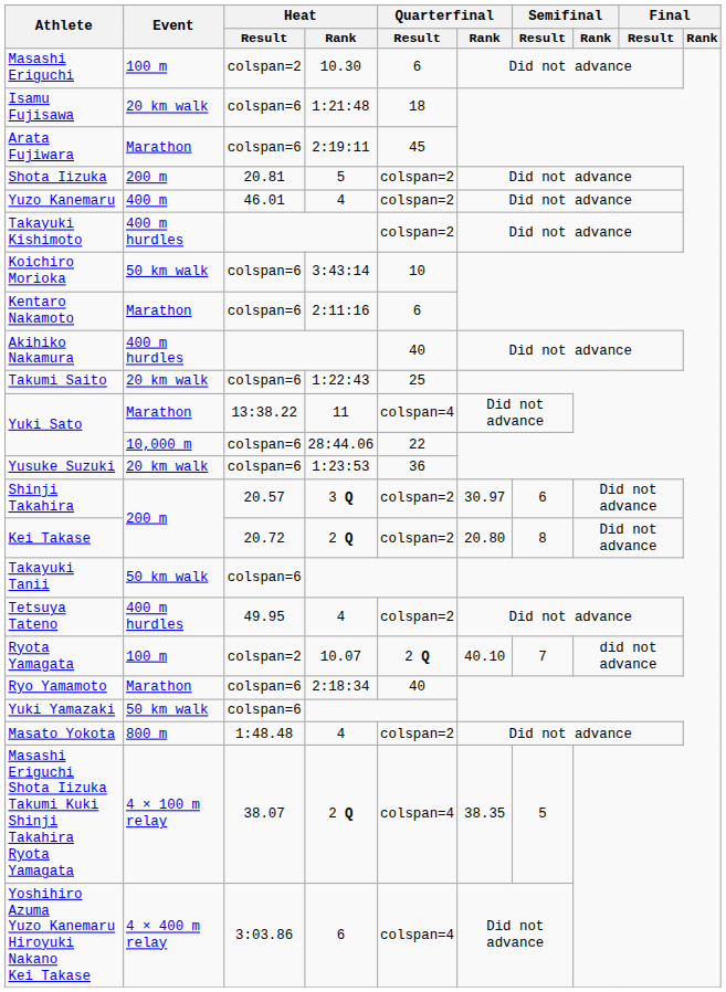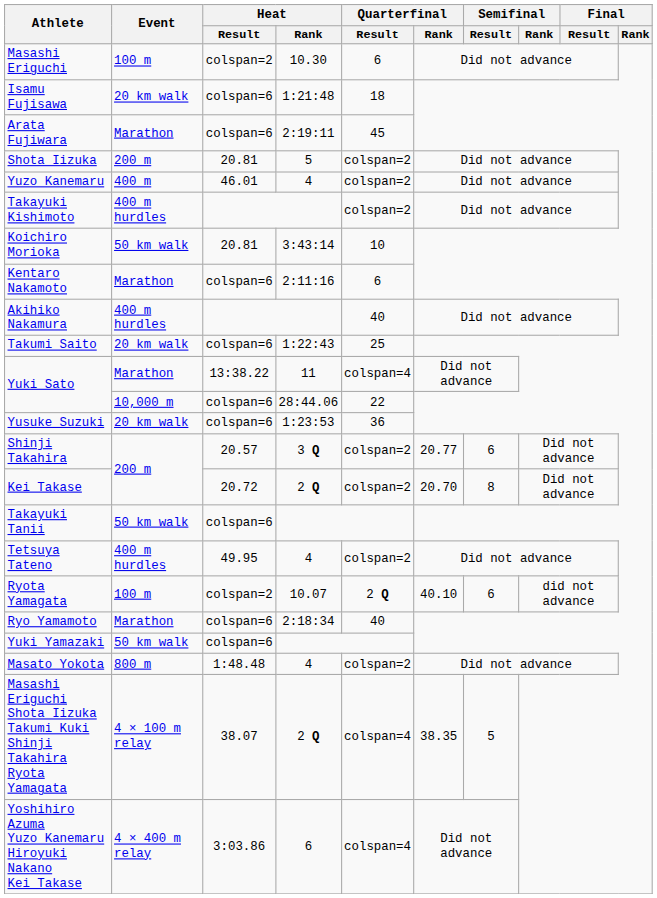 <table class=wikitable style="font-size:90%">
 <tr>
 <th rowspan="2">Athlete</th>
 <th rowspan="2">Event</th>
 <th colspan="2">Heat</th>
 <th colspan="2">Quarterfinal</th>
 <th colspan="2">Semifinal</th>
 <th colspan="2">Final</th>
 </tr>
 <tr style="font-size:95%">
 <th>Result</th>
 <th>Rank</th>
 <th>Result</th>
 <th>Rank</th>
 <th>Result</th>
 <th>Rank</th>
 <th>Result</th>
 <th>Rank</th>
 </tr>
 <tr align=center>
 <td align=left><a href='#'>Masashi Eriguchi</a></td>
 <td align=left><a href='#'>100 m</a></td>
 <td>colspan=2 </td>
 <td>10.30</td>
 <td>6</td>
 <td colspan="4">Did not advance</td>
 </tr>
 <tr align=center>
 <td align=left><a href='#'>Isamu Fujisawa</a></td>
 <td align=left><a href='#'>20 km walk</a></td>
 <td>colspan=6 </td>
 <td>1:21:48</td>
 <td>18</td>
 </tr>
 <tr align=center>
 <td align=left><a href='#'>Arata Fujiwara</a></td>
 <td align=left><a href='#'>Marathon</a></td>
 <td>colspan=6 </td>
 <td>2:19:11</td>
 <td>45</td>
 </tr>
 <tr align=center>
 <td align=left><a href='#'>Shota Iizuka</a></td>
 <td align=left><a href='#'>200 m</a></td>
 <td>20.81</td>
 <td>5</td>
 <td>colspan=2 </td>
 <td colspan=4>Did not advance</td>
 </tr>
 <tr align=center>
 <td align=left><a href='#'>Yuzo Kanemaru</a></td>
 <td align=left><a href='#'>400 m</a></td>
 <td>46.01</td>
 <td>4</td>
 <td>colspan=2 </td>
 <td colspan=4>Did not advance</td>
 </tr>
 <tr align=center>
 <td align=left><a href='#'>Takayuki Kishimoto</a></td>
 <td align=left><a href='#'>400 m hurdles</a></td>
 <td colspan=2></td>
 <td>colspan=2 </td>
 <td colspan=4>Did not advance</td>
 </tr>
 <tr align=center>
 <td align=left><a href='#'>Koichiro Morioka</a></td>
 <td align=left><a href='#'>50 km walk</a></td>
-<td>colspan=6 </td>
+<td>20.81</td>
 <td>3:43:14</td>
 <td>10</td>
 </tr>
 <tr align=center>
 <td align=left><a href='#'>Kentaro Nakamoto</a></td>
 <td align=left><a href='#'>Marathon</a></td>
 <td>colspan=6 </td>
 <td>2:11:16</td>
 <td>6</td>
 </tr>
 <tr align=center>
 <td align=left><a href='#'>Akihiko Nakamura</a></td>
 <td align=left><a href='#'>400 m hurdles</a></td>
 <td colspan=2></td>
 <td>40</td>
 <td colspan=4>Did not advance</td>
 </tr>
 <tr align=center>
 <td align=left><a href='#'>Takumi Saito</a></td>
 <td align=left><a href='#'>20 km walk</a></td>
 <td>colspan=6 </td>
 <td>1:22:43</td>
 <td>25</td>
 </tr>
 <tr align=center>
 <td align=left rowspan=2><a href='#'>Yuki Sato</a></td>
 <td align=left><a href='#'>Marathon</a></td>
 <td>13:38.22</td>
 <td>11</td>
 <td>colspan=4 </td>
 <td colspan=2>Did not advance</td>
 </tr>
 <tr align=center>
 <td align=left><a href='#'>10,000 m</a></td>
 <td>colspan=6 </td>
 <td>28:44.06</td>
 <td>22</td>
 </tr>
 <tr align=center>
 <td align=left><a href='#'>Yusuke Suzuki</a></td>
 <td align=left><a href='#'>20 km walk</a></td>
 <td>colspan=6 </td>
 <td>1:23:53</td>
 <td>36</td>
 </tr>
 <tr align=center>
 <td align=left><a href='#'>Shinji Takahira</a></td>
 <td align=left rowspan=2><a href='#'>200 m</a></td>
 <td>20.57</td>
 <td>3 <strong>Q</strong></td>
 <td>colspan=2 </td>
-<td>30.97</td>
+<td>20.77</td>
 <td>6</td>
 <td colspan=2>Did not advance</td>
 </tr>
 <tr align=center>
 <td align=left><a href='#'>Kei Takase</a></td>
 <td>20.72</td>
 <td>2 <strong>Q</strong></td>
 <td>colspan=2 </td>
-<td>20.80</td>
+<td>20.70</td>
 <td>8</td>
 <td colspan=2>Did not advance</td>
 </tr>
 <tr align=center>
 <td align=left><a href='#'>Takayuki Tanii</a></td>
 <td align=left><a href='#'>50 km walk</a></td>
 <td>colspan=6 </td>
 <td colspan=2></td>
 </tr>
 <tr align=center>
 <td align=left><a href='#'>Tetsuya Tateno</a></td>
 <td align=left><a href='#'>400 m hurdles</a></td>
 <td>49.95</td>
 <td>4</td>
 <td>colspan=2 </td>
 <td colspan=4>Did not advance</td>
 </tr>
 <tr align=center>
 <td align="left"><a href='#'>Ryota Yamagata</a></td>
 <td align=left><a href='#'>100 m</a></td>
 <td>colspan=2 </td>
 <td>10.07</td>
 <td>2 <strong>Q</strong></td>
 <td>40.10</td>
-<td>7</td>
+<td>6</td>
 <td colspan="2">did not advance</td>
 </tr>
 <tr align=center>
 <td align=left><a href='#'>Ryo Yamamoto</a></td>
 <td align=left><a href='#'>Marathon</a></td>
 <td>colspan=6 </td>
 <td>2:18:34</td>
 <td>40</td>
 </tr>
 <tr align=center>
 <td align=left><a href='#'>Yuki Yamazaki</a></td>
 <td align=left><a href='#'>50 km walk</a></td>
 <td>colspan=6 </td>
 <td colspan=2></td>
 </tr>
 <tr align=center>
 <td align=left><a href='#'>Masato Yokota</a></td>
 <td align=left><a href='#'>800 m</a></td>
 <td>1:48.48</td>
 <td>4</td>
 <td>colspan=2 </td>
 <td colspan=4>Did not advance</td>
 </tr>
 <tr align=center>
 <td align=left><a href='#'>Masashi Eriguchi</a><br><a href='#'>Shota Iizuka</a><br><a href='#'>Takumi Kuki</a><br><a href='#'>Shinji Takahira</a><br><a href='#'>Ryota Yamagata</a></td>
 <td align=left><a href='#'>4 × 100 m relay</a></td>
 <td>38.07</td>
 <td>2 <strong>Q</strong></td>
 <td>colspan=4 </td>
 <td>38.35</td>
 <td>5</td>
 </tr>
 <tr align=center>
 <td align=left><a href='#'>Yoshihiro Azuma</a><br><a href='#'>Yuzo Kanemaru</a><br><a href='#'>Hiroyuki Nakano</a><br><a href='#'>Kei Takase</a></td>
 <td align=left><a href='#'>4 × 400 m relay</a></td>
 <td>3:03.86</td>
 <td>6</td>
 <td>colspan=4 </td>
 <td colspan=2>Did not advance</td>
 </tr>
 </table>
